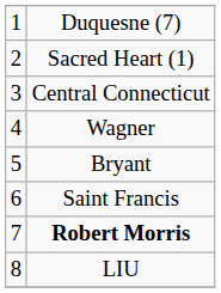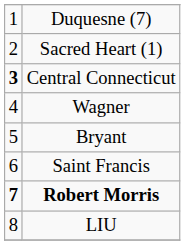 <table class="wikitable">
 <tr align="center">
 </tr>
 <tr align="center">
 <td>1</td>
 <td>Duquesne (7)</td>
 </tr>
 <tr align="center">
 <td>2</td>
 <td>Sacred Heart (1)</td>
 </tr>
 <tr align="center">
-<td>3</td>
+<td><strong>3</strong></td>
 <td>Central Connecticut</td>
 </tr>
 <tr align="center">
 <td>4</td>
 <td>Wagner</td>
 </tr>
 <tr align="center">
 <td>5</td>
 <td>Bryant</td>
 </tr>
 <tr align="center">
 <td>6</td>
 <td>Saint Francis</td>
 </tr>
 <tr align="center">
-<td>7</td>
+<td><strong>7</strong></td>
 <td><strong>Robert Morris</strong></td>
 </tr>
 <tr align="center">
 <td>8</td>
 <td>LIU</td>
 </tr>
 <tr>
 </tr>
 </table>
